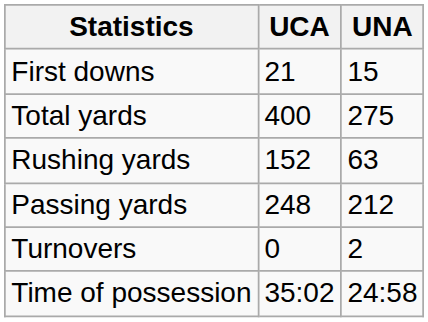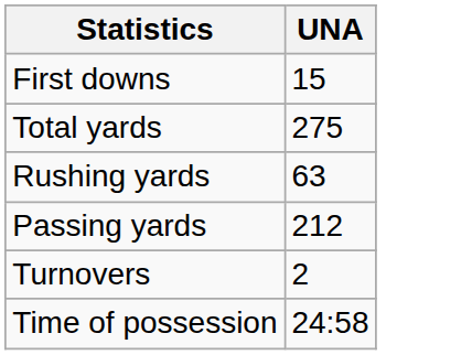 <table class="wikitable" style="float: left;">
 <tr>
 <th>Statistics</th>
-<th>UCA</th>
 <th>UNA</th>
 </tr>
 <tr>
 <td>First downs</td>
-<td>21</td>
 <td>15</td>
 </tr>
 <tr>
 <td>Total yards</td>
-<td>400</td>
 <td>275</td>
 </tr>
 <tr>
 <td>Rushing yards</td>
-<td>152</td>
 <td>63</td>
 </tr>
 <tr>
 <td>Passing yards</td>
-<td>248</td>
 <td>212</td>
 </tr>
 <tr>
 <td>Turnovers</td>
-<td>0</td>
 <td>2</td>
 </tr>
 <tr>
 <td>Time of possession</td>
-<td>35:02</td>
 <td>24:58</td>
 </tr>
 </table>
